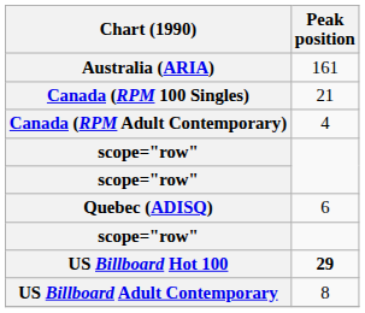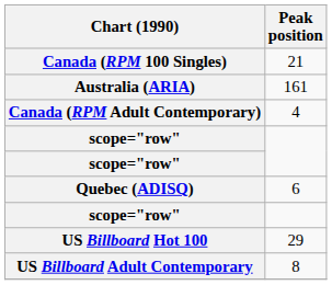 <table class="wikitable sortable plainrowheaders">
 <tr>
 <th align="left">Chart (1990)</th>
 <th align="left">Peak<br>position</th>
 </tr>
 <tr>
+<th scope="row"><a href='#'>Canada</a> (<em><a href='#'>RPM</a></em> 100 Singles)</th>
+<td align="center">21</td>
+</tr>
+<tr>
 <th scope="row">Australia (<a href='#'>ARIA</a>)</th>
 <td align="center">161</td>
-</tr>
-<tr>
-<th scope="row"><a href='#'>Canada</a> (<em><a href='#'>RPM</a></em> 100 Singles)</th>
-<td align="center">21</td>
 </tr>
 <tr>
 <th scope="row"><a href='#'>Canada</a> (<em><a href='#'>RPM</a></em> Adult Contemporary)</th>
 <td align="center">4</td>
 </tr>
 <tr>
 <th>scope="row"</th>
 </tr>
 <tr>
 <th>scope="row"</th>
 </tr>
 <tr>
 <th scope="row">Quebec (<a href='#'>ADISQ</a>)</th>
 <td align="center">6</td>
 </tr>
 <tr>
 <th>scope="row"</th>
 </tr>
 <tr>
 <th scope="row">US <em><a href='#'>Billboard</a></em> <a href='#'>Hot 100</a></th>
-<td align="center"><strong>29</strong></td>
+<td align="center">29</td>
 </tr>
 <tr>
 <th scope="row">US <em><a href='#'>Billboard</a></em> <a href='#'>Adult Contemporary</a></th>
 <td align="center">8</td>
 </tr>
 <tr>
 </tr>
 </table>
